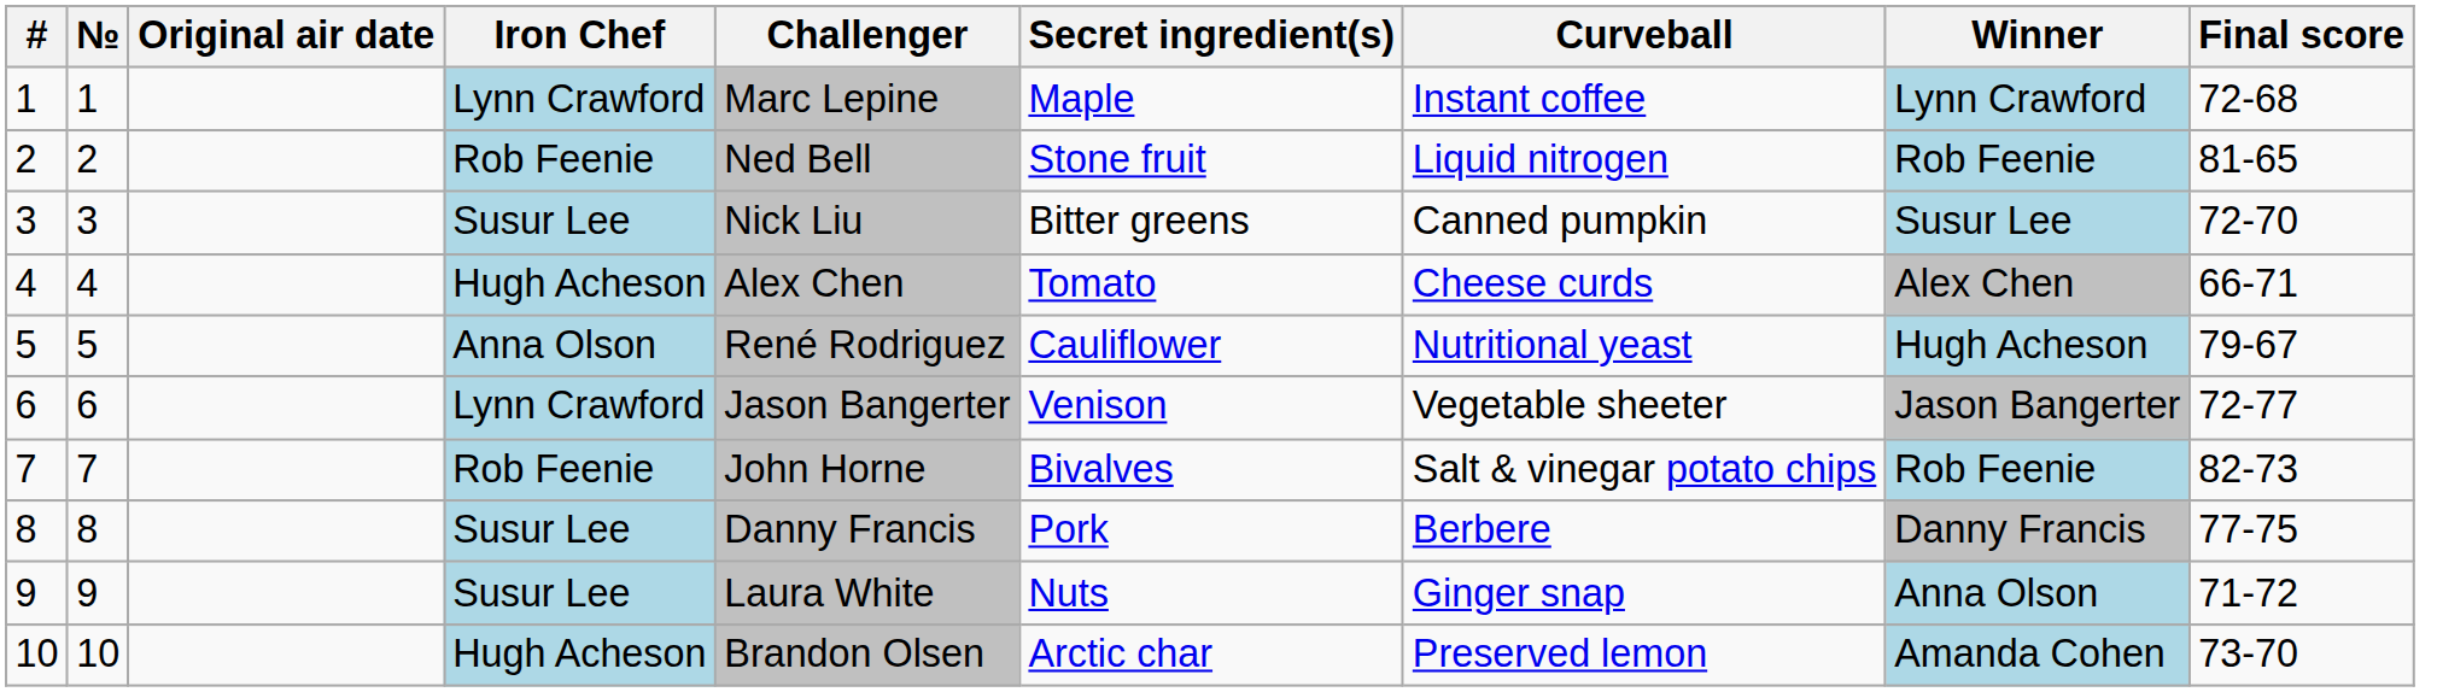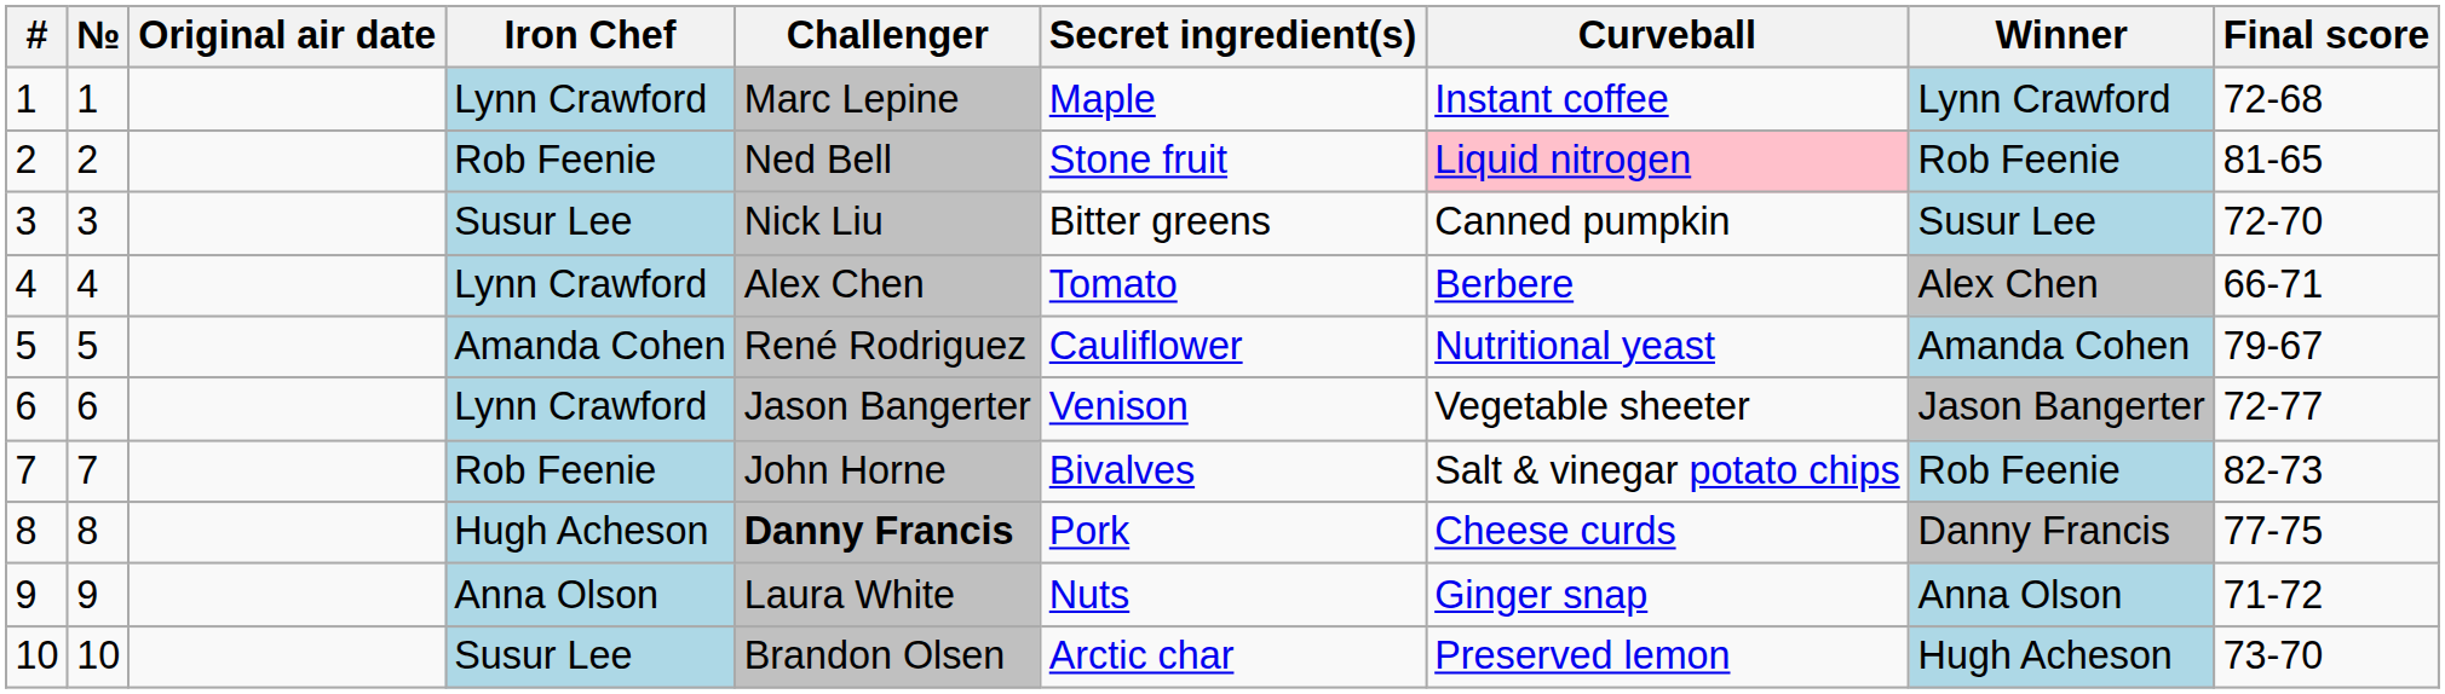 <table class="wikitable">
 <tr>
 <th>#</th>
 <th>№</th>
 <th>Original air date</th>
 <th>Iron Chef</th>
 <th>Challenger</th>
 <th>Secret ingredient(s)</th>
 <th>Curveball</th>
 <th>Winner</th>
 <th>Final score</th>
 </tr>
 <tr>
 <td>1</td>
 <td>1</td>
 <td></td>
 <td bgcolor="lightblue">Lynn Crawford</td>
 <td bgcolor="silver">Marc Lepine</td>
 <td><a href='#'>Maple</a></td>
 <td><a href='#'>Instant coffee</a></td>
 <td bgcolor="lightblue">Lynn Crawford</td>
 <td>72-68</td>
 </tr>
 <tr>
 <td>2</td>
 <td>2</td>
 <td></td>
 <td bgcolor="lightblue">Rob Feenie</td>
 <td bgcolor="silver">Ned Bell</td>
 <td><a href='#'>Stone fruit</a></td>
-<td><a href='#'>Liquid nitrogen</a></td>
+<td style="background: pink;"><a href='#'>Liquid nitrogen</a></td>
 <td bgcolor="lightblue">Rob Feenie</td>
 <td>81-65</td>
 </tr>
 <tr>
 <td>3</td>
 <td>3</td>
 <td></td>
 <td bgcolor="lightblue">Susur Lee</td>
 <td bgcolor="silver">Nick Liu</td>
 <td>Bitter greens</td>
 <td>Canned pumpkin</td>
 <td bgcolor="lightblue">Susur Lee</td>
 <td>72-70</td>
 </tr>
 <tr>
 <td>4</td>
 <td>4</td>
 <td></td>
-<td bgcolor="lightblue">Hugh Acheson</td>
+<td bgcolor="lightblue">Lynn Crawford</td>
 <td bgcolor="silver">Alex Chen</td>
 <td><a href='#'>Tomato</a></td>
-<td><a href='#'>Cheese curds</a></td>
+<td><a href='#'>Berbere</a></td>
 <td bgcolor="silver">Alex Chen</td>
 <td>66-71</td>
 </tr>
 <tr>
 <td>5</td>
 <td>5</td>
 <td></td>
-<td bgcolor="lightblue">Anna Olson</td>
+<td bgcolor="lightblue">Amanda Cohen</td>
 <td bgcolor="silver">René Rodriguez</td>
 <td><a href='#'>Cauliflower</a></td>
 <td><a href='#'>Nutritional yeast</a></td>
-<td bgcolor="lightblue">Hugh Acheson</td>
+<td bgcolor="lightblue">Amanda Cohen</td>
 <td>79-67</td>
 </tr>
 <tr>
 <td>6</td>
 <td>6</td>
 <td></td>
 <td bgcolor="lightblue">Lynn Crawford</td>
 <td bgcolor="silver">Jason Bangerter</td>
 <td><a href='#'>Venison</a></td>
 <td>Vegetable sheeter</td>
 <td bgcolor="silver">Jason Bangerter</td>
 <td>72-77</td>
 </tr>
 <tr>
 <td>7</td>
 <td>7</td>
 <td></td>
 <td bgcolor="lightblue">Rob Feenie</td>
 <td bgcolor="silver">John Horne</td>
 <td><a href='#'>Bivalves</a></td>
 <td>Salt & vinegar <a href='#'>potato chips</a></td>
 <td bgcolor="lightblue">Rob Feenie</td>
 <td>82-73</td>
 </tr>
 <tr>
 <td>8</td>
 <td>8</td>
 <td></td>
-<td bgcolor="lightblue">Susur Lee</td>
-<td bgcolor="silver">Danny Francis</td>
+<td bgcolor="lightblue">Hugh Acheson</td>
+<td bgcolor="silver"><strong>Danny Francis</strong></td>
 <td><a href='#'>Pork</a></td>
-<td><a href='#'>Berbere</a></td>
+<td><a href='#'>Cheese curds</a></td>
 <td bgcolor="silver">Danny Francis</td>
 <td>77-75</td>
 </tr>
 <tr>
 <td>9</td>
 <td>9</td>
 <td></td>
-<td bgcolor="lightblue">Susur Lee</td>
+<td bgcolor="lightblue">Anna Olson</td>
 <td bgcolor="silver">Laura White</td>
 <td><a href='#'>Nuts</a></td>
 <td><a href='#'>Ginger snap</a></td>
 <td bgcolor="lightblue">Anna Olson</td>
 <td>71-72</td>
 </tr>
 <tr>
 <td>10</td>
 <td>10</td>
 <td></td>
-<td bgcolor="lightblue">Hugh Acheson</td>
+<td bgcolor="lightblue">Susur Lee</td>
 <td bgcolor="silver">Brandon Olsen</td>
 <td><a href='#'>Arctic char</a></td>
 <td><a href='#'>Preserved lemon</a></td>
-<td bgcolor="lightblue">Amanda Cohen</td>
+<td bgcolor="lightblue">Hugh Acheson</td>
 <td>73-70</td>
 </tr>
 </table>
